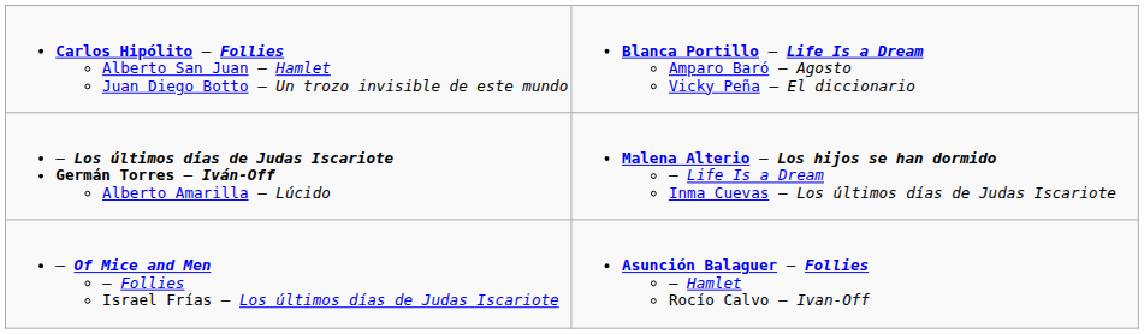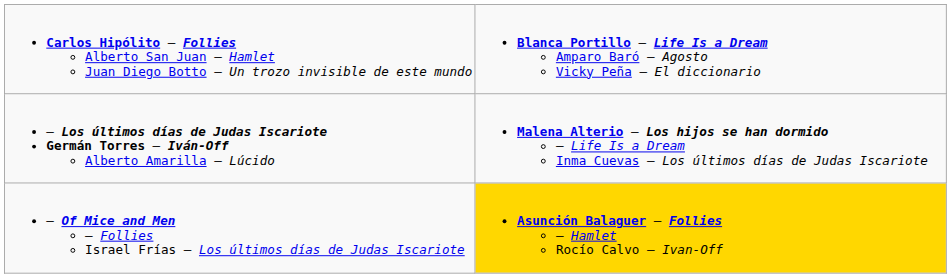 <table class=wikitable>
 <tr>
 <td style="vertical-align:top; width:50%;"><br><ul><li><strong><a href='#'>Carlos Hipólito</a></strong> — <strong><em><a href='#'>Follies</a></em></strong><ul><li><a href='#'>Alberto San Juan</a> — <em><a href='#'>Hamlet</a></em></li><li><a href='#'>Juan Diego Botto</a> — <em>Un trozo invisible de este mundo</em></li></ul></li></ul></td>
 <td style="vertical-align:top; width:50%;"><br><ul><li><strong><a href='#'>Blanca Portillo</a></strong> — <strong><em><a href='#'>Life Is a Dream</a></em></strong><ul><li><a href='#'>Amparo Baró</a> — <em>Agosto</em></li><li><a href='#'>Vicky Peña</a> — <em>El diccionario</em></li></ul></li></ul></td>
 </tr>
 <tr>
 <td style="vertical-align:top; width:50%;"><br><ul><li><strong></strong> — <strong><em>Los últimos días de Judas Iscariote</em></strong></li><li><strong>Germán Torres</strong> — <strong><em>Iván-Off</em></strong><ul><li><a href='#'>Alberto Amarilla</a> — <em>Lúcido</em></li></ul></li></ul></td>
 <td style="vertical-align:top; width:50%;"><br><ul><li><strong><a href='#'>Malena Alterio</a></strong> — <strong><em>Los hijos se han dormido</em></strong><ul><li> — <em><a href='#'>Life Is a Dream</a></em></li><li><a href='#'>Inma Cuevas</a> — <em>Los últimos días de Judas Iscariote</em></li></ul></li></ul></td>
 </tr>
 <tr>
 <td style="vertical-align:top; width:50%;"><br><ul><li><strong></strong> — <strong><em><a href='#'>Of Mice and Men</a></em></strong><ul><li> — <em><a href='#'>Follies</a></em></li><li>Israel Frías — <em><a href='#'>Los últimos días de Judas Iscariote</a></em></li></ul></li></ul></td>
-<td style="vertical-align:top; width:50%;"><br><ul><li><strong><a href='#'>Asunción Balaguer</a></strong> — <strong><em><a href='#'>Follies</a></em></strong><ul><li> — <em><a href='#'>Hamlet</a></em></li><li>Rocío Calvo — <em>Ivan-Off</em></li></ul></li></ul></td>
+<td style="background: gold; vertical-align:top; width:50%;"><br><ul><li><strong><a href='#'>Asunción Balaguer</a></strong> — <strong><em><a href='#'>Follies</a></em></strong><ul><li> — <em><a href='#'>Hamlet</a></em></li><li>Rocío Calvo — <em>Ivan-Off</em></li></ul></li></ul></td>
 </tr>
 </table>
